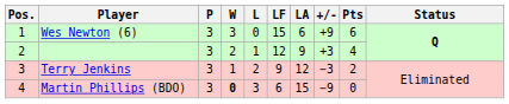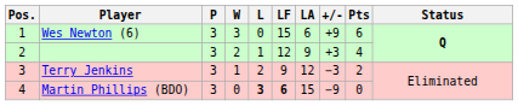 <table class="wikitable" style="text-align:center; margin: 1em auto 1em auto, align:left">
 <tr>
 <th width=20>Pos.</th>
 <th width=175>Player</th>
 <th width=20>P</th>
 <th width=20>W</th>
 <th width=20>L</th>
 <th width=20>LF</th>
 <th width=20>LA</th>
 <th width=20>+/-</th>
 <th width=20>Pts</th>
 <th width=150>Status</th>
 </tr>
 <tr style="background:#CCFFCC;">
 <td>1</td>
 <td style="text-align:left;"> <a href='#'>Wes Newton</a> (6)</td>
 <td>3</td>
 <td>3</td>
 <td>0</td>
 <td>15</td>
 <td>6</td>
 <td>+9</td>
 <td>6</td>
 <td rowspan=2><strong>Q</strong></td>
 </tr>
 <tr style="background:#CCFFCC;">
 <td>2</td>
 <td style="text-align:left;"></td>
 <td>3</td>
 <td>2</td>
 <td>1</td>
 <td>12</td>
 <td>9</td>
 <td>+3</td>
 <td>4</td>
 </tr>
 <tr style="background:#FFCCCC;">
 <td>3</td>
 <td style="text-align:left;"> <a href='#'>Terry Jenkins</a></td>
 <td>3</td>
 <td>1</td>
 <td>2</td>
 <td>9</td>
 <td>12</td>
 <td>−3</td>
 <td>2</td>
 <td rowspan=2>Eliminated</td>
 </tr>
 <tr style="background:#FFCCCC;">
 <td>4</td>
 <td style="text-align:left;"> <a href='#'>Martin Phillips</a> (BDO)</td>
 <td>3</td>
-<td><strong>0</strong></td>
-<td>3</td>
-<td>6</td>
+<td>0</td>
+<td><strong>3</strong></td>
+<td><strong>6</strong></td>
 <td>15</td>
 <td>−9</td>
 <td>0</td>
 </tr>
 </table>
